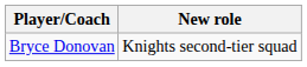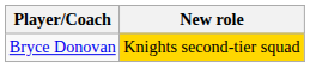 <table class="wikitable sortable" style="text-align: center; font-size:90%">
 <tr style="background:#efefef;">
 <th>Player/Coach</th>
 <th>New role</th>
 </tr>
 <tr>
 <td><a href='#'>Bryce Donovan</a></td>
-<td>Knights second-tier squad</td>
+<td style="background: gold;">Knights second-tier squad</td>
 </tr>
 </table>
